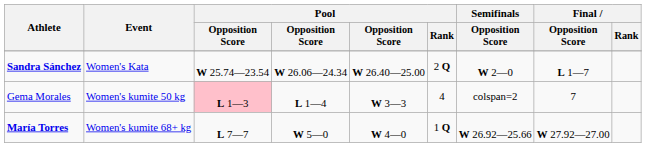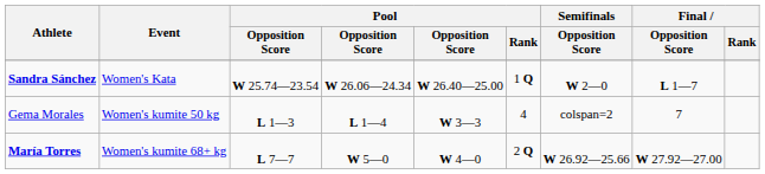 <table class=wikitable style="font-size:90%">
 <tr>
 <th rowspan="2">Athlete</th>
 <th rowspan="2">Event</th>
 <th colspan="4">Pool</th>
 <th>Semifinals</th>
 <th colspan="2">Final / </th>
 </tr>
 <tr style="font-size:95%">
 <th>Opposition<br>Score</th>
 <th>Opposition<br>Score</th>
 <th>Opposition<br>Score</th>
 <th>Rank</th>
 <th>Opposition<br>Score</th>
 <th>Opposition<br>Score</th>
 <th>Rank</th>
 </tr>
 <tr style="font-size:95%">
 </tr>
 <tr align=center>
 <td align=left><strong><a href='#'>Sandra Sánchez</a></strong></td>
 <td align=left><a href='#'>Women's Kata</a></td>
 <td><br><strong>W</strong> 25.74—23.54</td>
 <td><br><strong>W</strong> 26.06—24.34</td>
 <td><br><strong>W</strong> 26.40—25.00</td>
-<td>2 <strong>Q</strong></td>
+<td>1 <strong>Q</strong></td>
 <td><br><strong>W</strong> 2—0</td>
 <td><br><strong>L</strong> 1—7</td>
 <td></td>
 </tr>
 <tr align=center>
 <td align=left><a href='#'>Gema Morales</a></td>
 <td align=left><a href='#'>Women's kumite 50 kg</a></td>
-<td style="background: pink;"><br><strong>L</strong> 1—3</td>
+<td><br><strong>L</strong> 1—3</td>
 <td><br><strong>L</strong> 1—4</td>
 <td><br><strong>W</strong> 3—3</td>
 <td>4</td>
 <td>colspan=2 </td>
 <td>7</td>
 </tr>
 <tr align=center>
 <td align=left><strong><a href='#'>María Torres</a></strong></td>
 <td align=left><a href='#'>Women's kumite 68+ kg</a></td>
 <td><br><strong>L</strong> 7—7</td>
 <td><br><strong>W</strong> 5—0</td>
 <td><br><strong>W</strong> 4—0</td>
-<td>1 <strong>Q</strong></td>
+<td>2 <strong>Q</strong></td>
 <td><br><strong>W</strong> 26.92—25.66</td>
 <td><br><strong>W</strong> 27.92—27.00</td>
 <td></td>
 </tr>
 </table>
